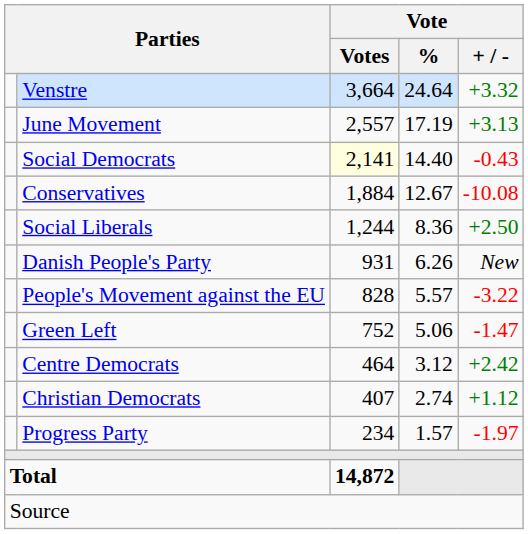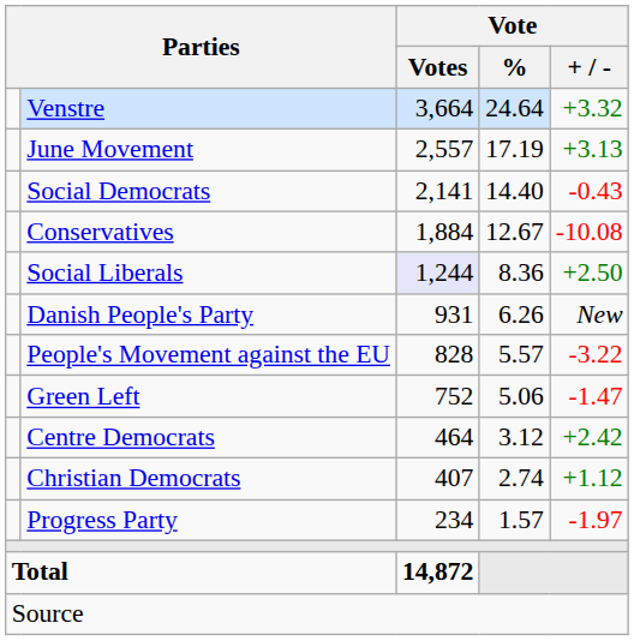 <table class="wikitable" style="text-align:right;">
 <tr>
 <th style="text-align:centre;" rowspan="2" colspan="2" width="225">Parties</th>
 <th colspan="3">Vote</th>
 </tr>
 <tr>
 <th width="15">Votes</th>
 <th width="15">%</th>
 <th width="15">+ / -</th>
 </tr>
 <tr>
 <td width="2" style="color:inherit;background:"></td>
 <td bgcolor=#cfe5fe   align="left"><a href='#'>Venstre</a></td>
 <td bgcolor=#cfe5fe>3,664</td>
 <td bgcolor=#cfe5fe>24.64</td>
 <td style=color:green;>+3.32</td>
 </tr>
 <tr>
 <td width="2" style="color:inherit;background:"></td>
 <td align="left"><a href='#'>June Movement</a></td>
 <td>2,557</td>
 <td>17.19</td>
 <td style=color:green;>+3.13</td>
 </tr>
 <tr>
 <td width="2" style="color:inherit;background:"></td>
 <td align="left"><a href='#'>Social Democrats</a></td>
-<td style="background: lightyellow;">2,141</td>
+<td>2,141</td>
 <td>14.40</td>
 <td style=color:red;>-0.43</td>
 </tr>
 <tr>
 <td width="2" style="color:inherit;background:"></td>
 <td align="left"><a href='#'>Conservatives</a></td>
 <td>1,884</td>
 <td>12.67</td>
 <td style=color:red;>-10.08</td>
 </tr>
 <tr>
 <td width="2" style="color:inherit;background:"></td>
 <td align="left"><a href='#'>Social Liberals</a></td>
-<td>1,244</td>
+<td style="background: lavender;">1,244</td>
 <td>8.36</td>
 <td style=color:green;>+2.50</td>
 </tr>
 <tr>
 <td width="2" style="color:inherit;background:"></td>
 <td align="left"><a href='#'>Danish People's Party</a></td>
 <td>931</td>
 <td>6.26</td>
 <td><em>New</em></td>
 </tr>
 <tr>
 <td width="2" style="color:inherit;background:"></td>
 <td align="left"><a href='#'>People's Movement against the EU</a></td>
 <td>828</td>
 <td>5.57</td>
 <td style=color:red;>-3.22</td>
 </tr>
 <tr>
 <td width="2" style="color:inherit;background:"></td>
 <td align="left"><a href='#'>Green Left</a></td>
 <td>752</td>
 <td>5.06</td>
 <td style=color:red;>-1.47</td>
 </tr>
 <tr>
 <td width="2" style="color:inherit;background:"></td>
 <td align="left"><a href='#'>Centre Democrats</a></td>
 <td>464</td>
 <td>3.12</td>
 <td style=color:green;>+2.42</td>
 </tr>
 <tr>
 <td width="2" style="color:inherit;background:"></td>
 <td align="left"><a href='#'>Christian Democrats</a></td>
 <td>407</td>
 <td>2.74</td>
 <td style=color:green;>+1.12</td>
 </tr>
 <tr>
 <td width="2" style="color:inherit;background:"></td>
 <td align="left"><a href='#'>Progress Party</a></td>
 <td>234</td>
 <td>1.57</td>
 <td style=color:red;>-1.97</td>
 </tr>
 <tr>
 <td colspan="7" bgcolor="#E9E9E9"></td>
 </tr>
 <tr>
 <td align="left" colspan="2"><strong>Total</strong></td>
 <td><strong>14,872</strong></td>
 <td bgcolor="#E9E9E9" colspan="2"></td>
 </tr>
 <tr>
 <td align="left" colspan="6">Source</td>
 </tr>
 </table>
